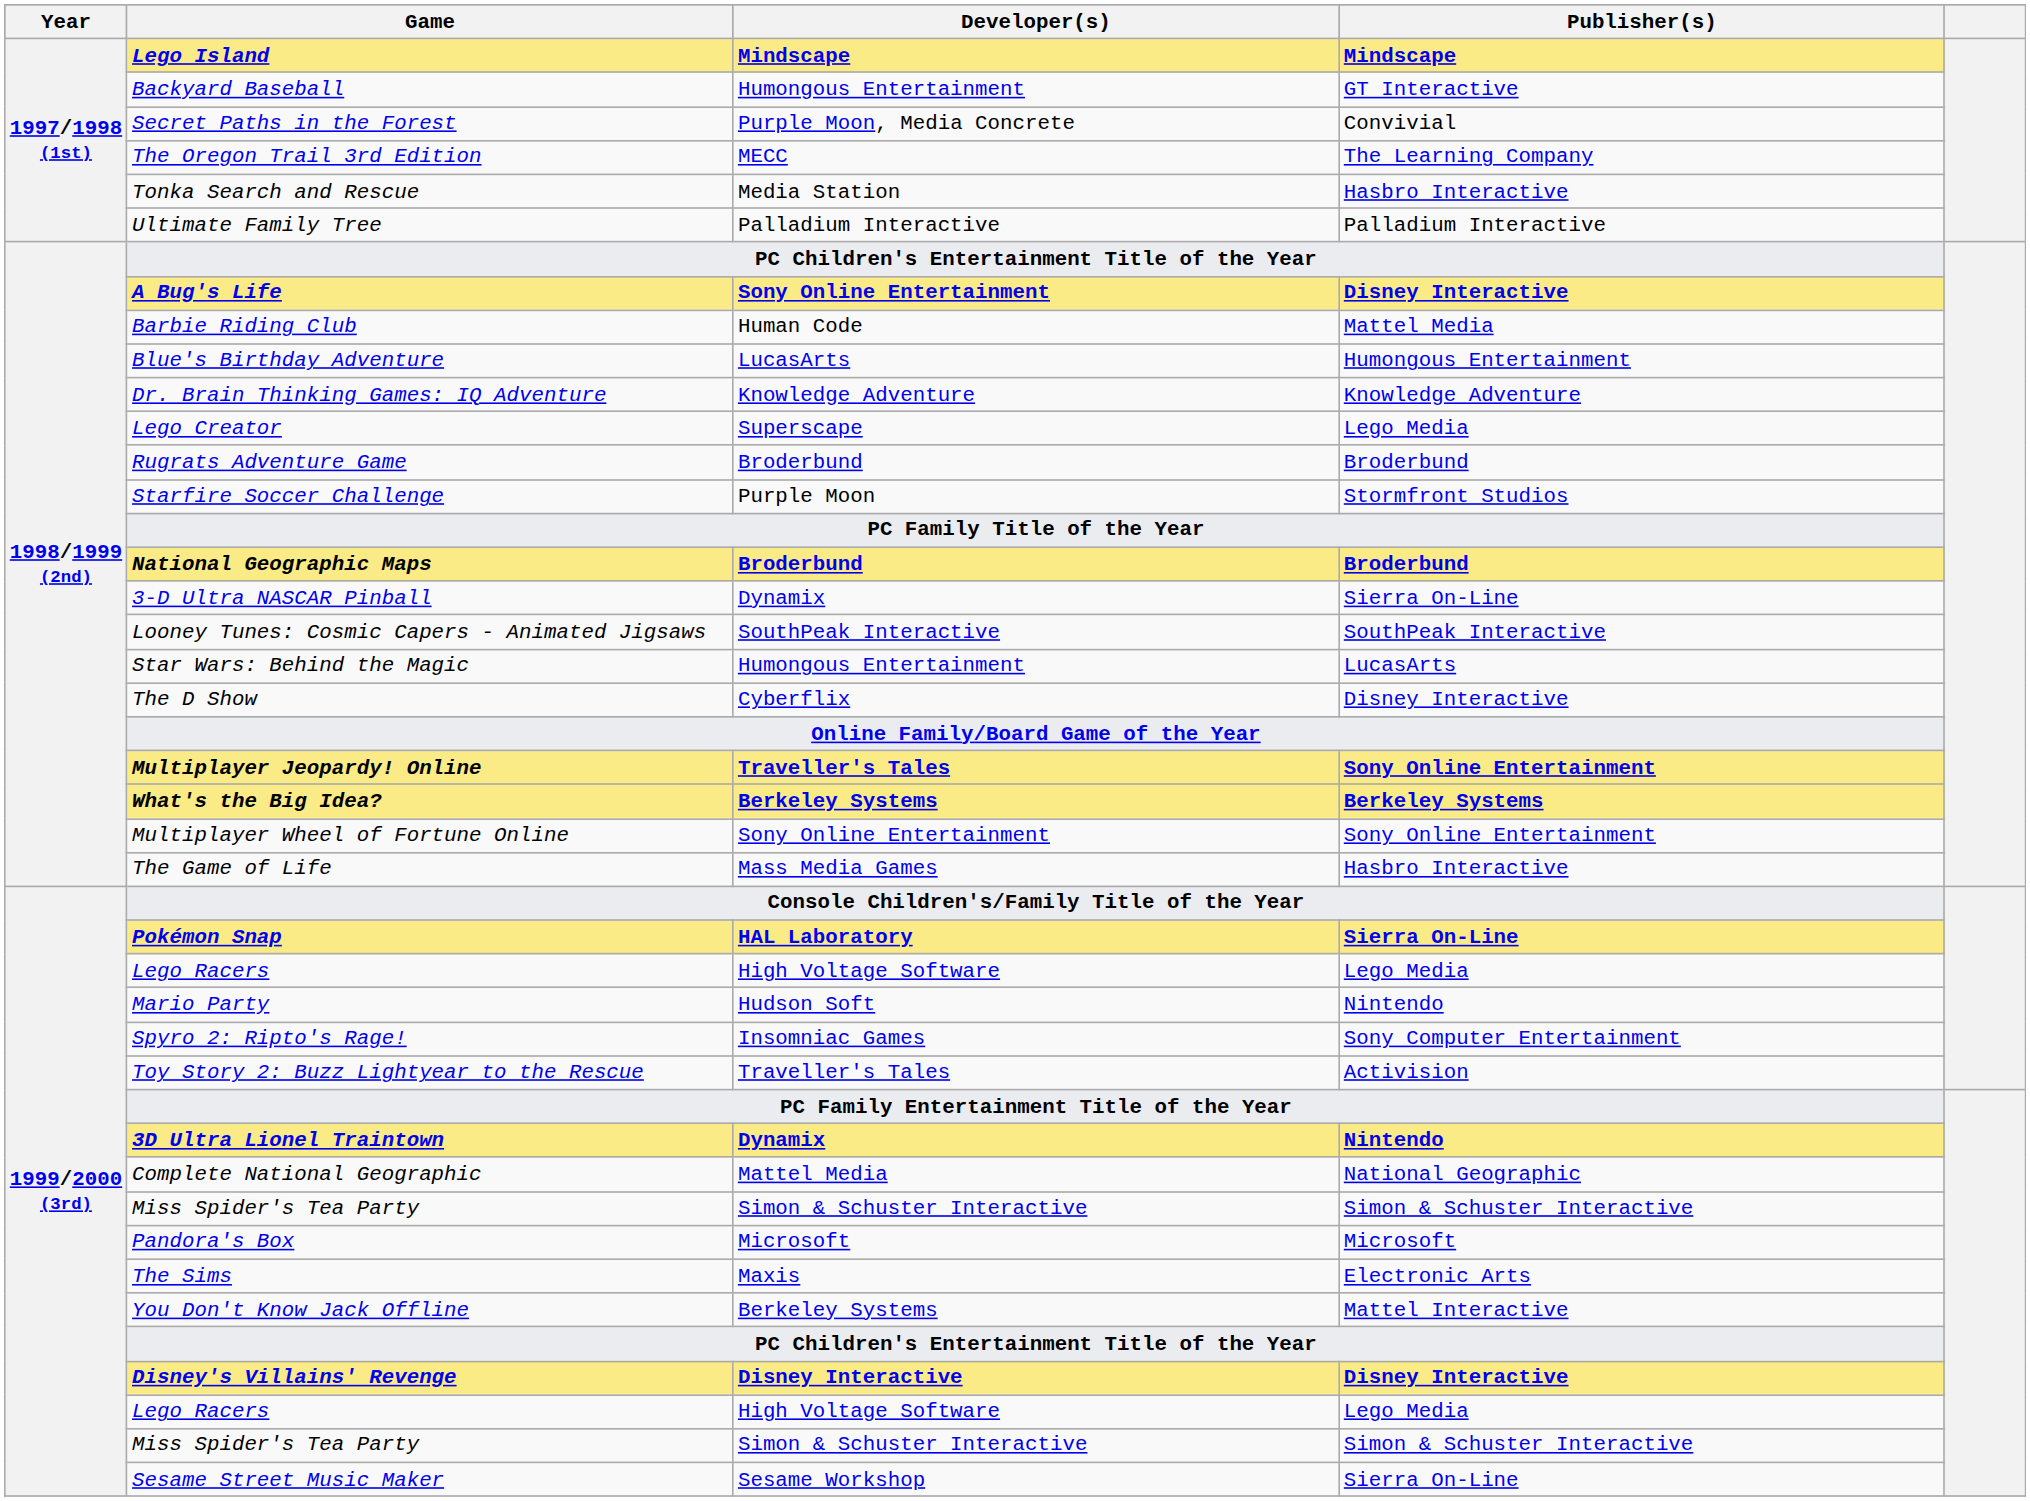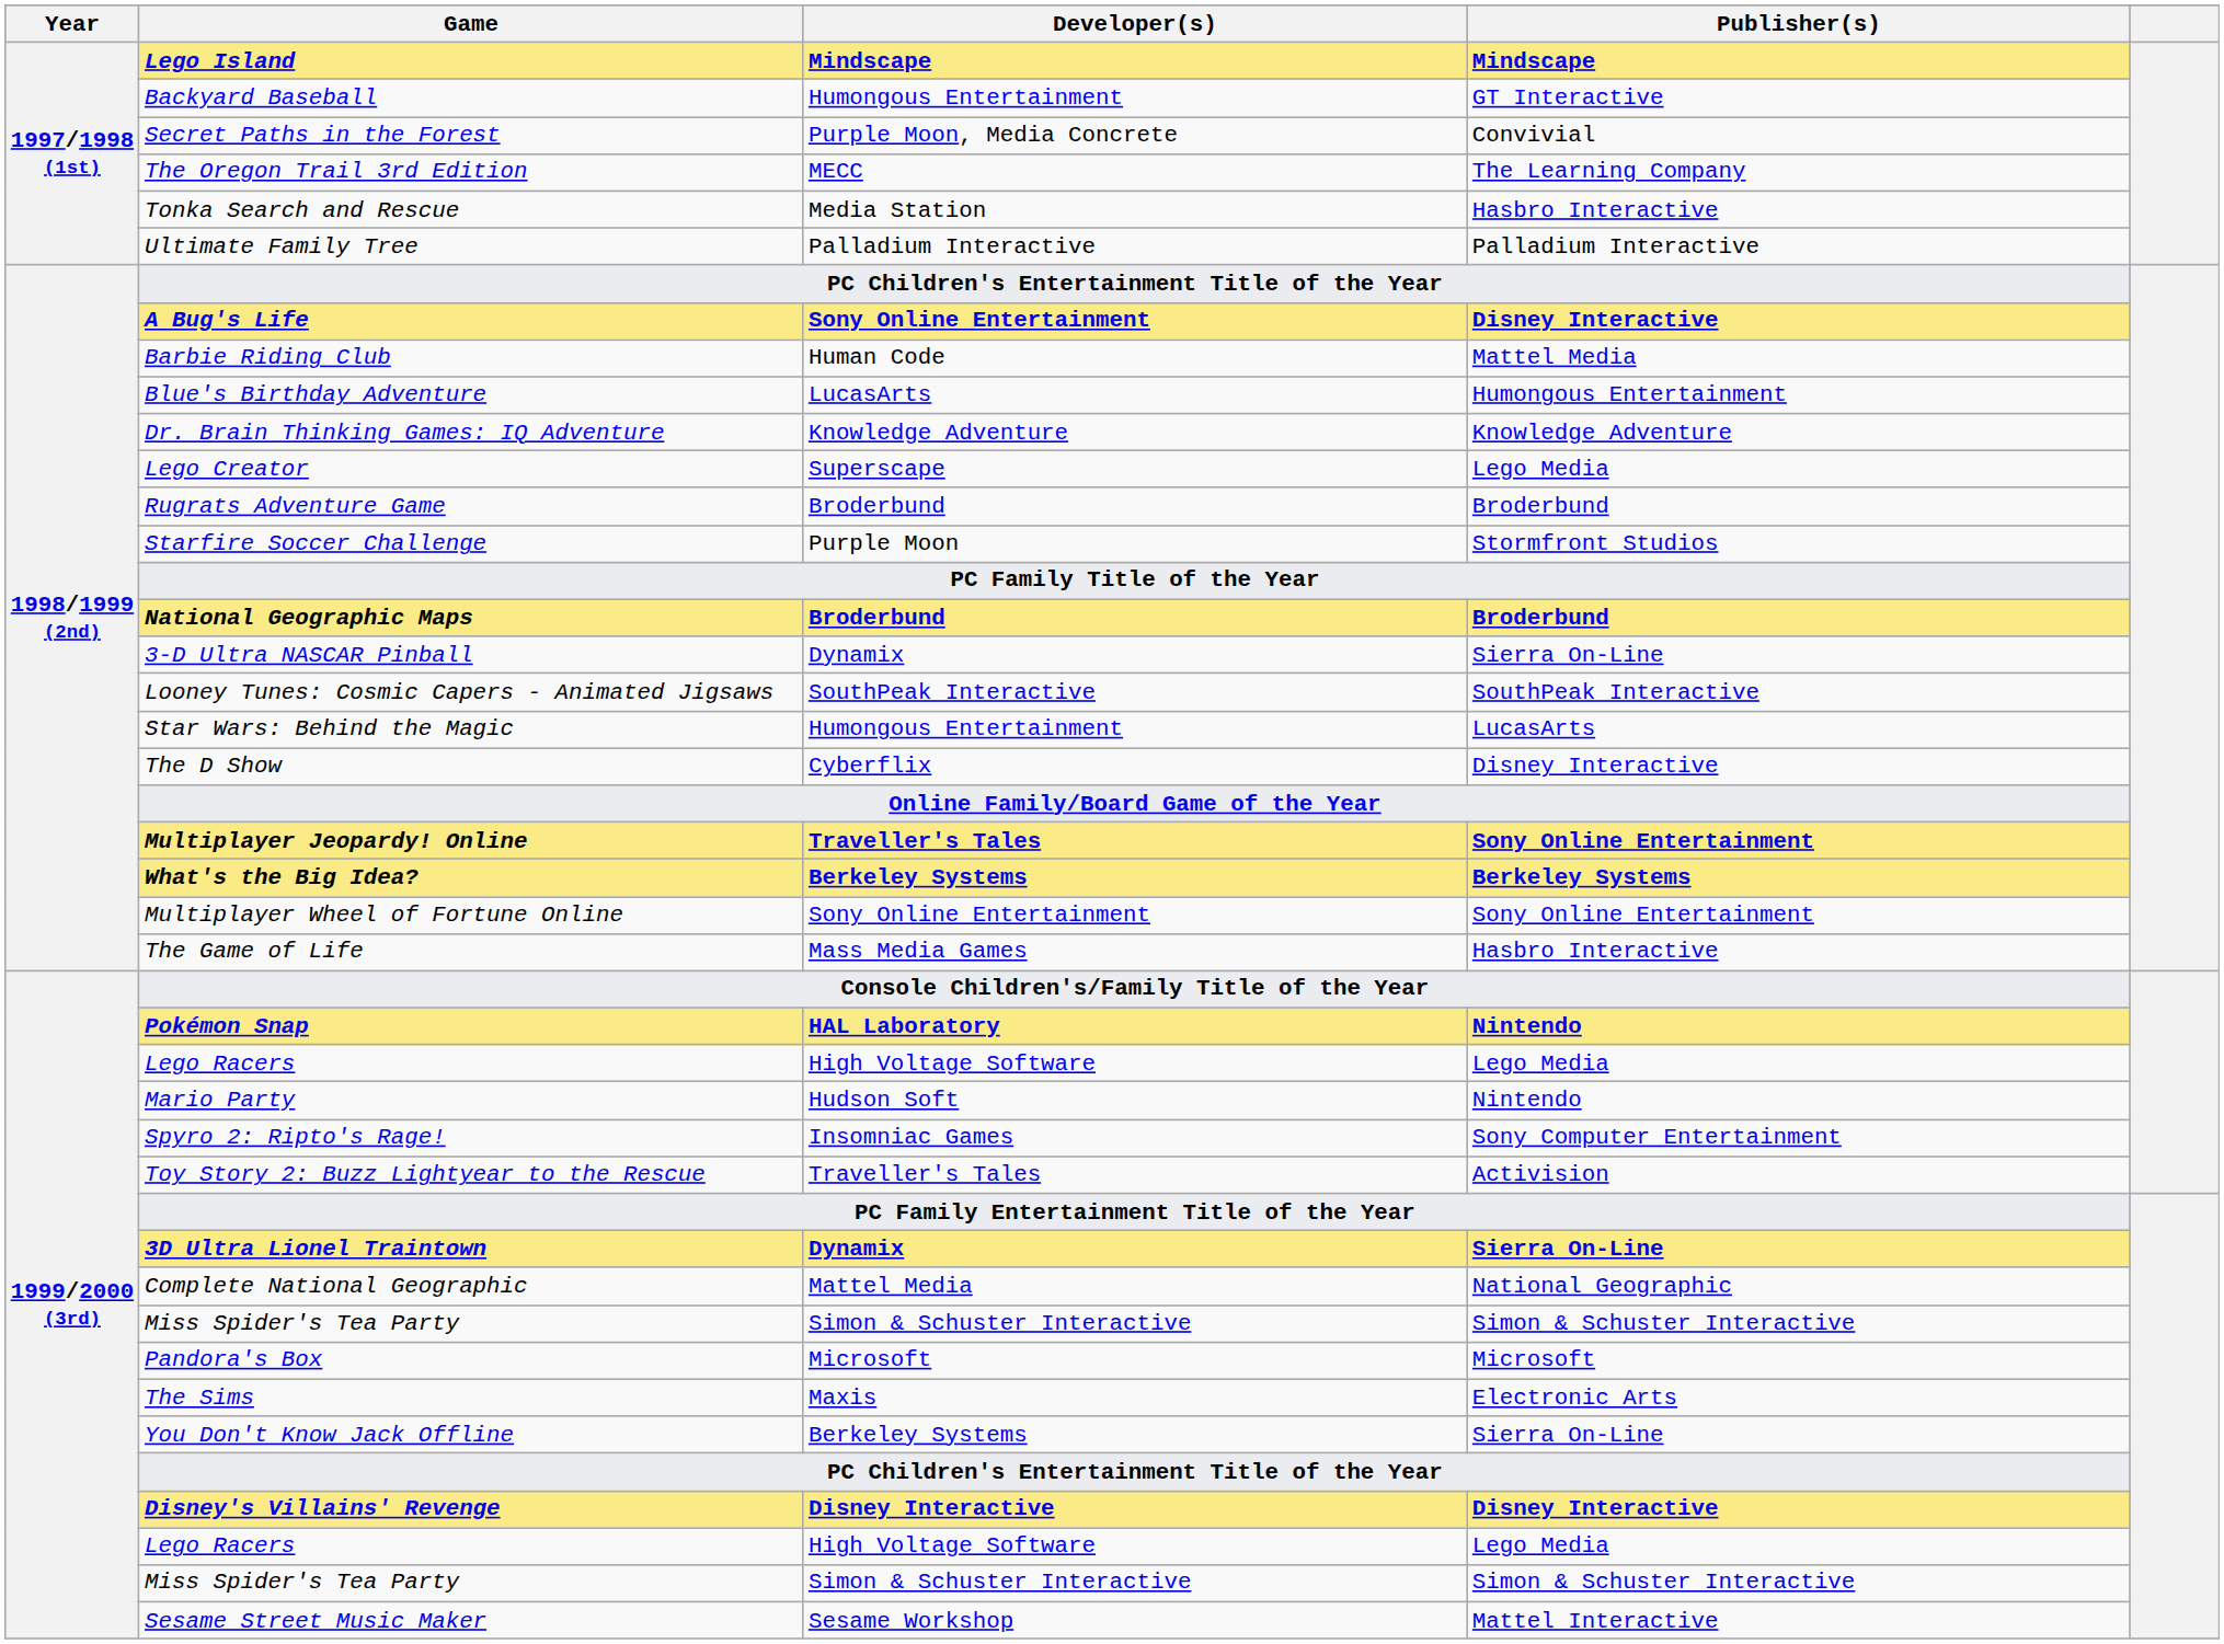 <table class="wikitable sortable" rowspan=2 style="width:100%">
 <tr style="background:#bebebe;">
 <th scope="col" style="width:6%;">Year</th>
 <th scope="col" style="width:30%;">Game</th>
 <th scope="col" style="width:30%;">Developer(s)</th>
 <th scope="col" style="width:30%;">Publisher(s)</th>
 <th scope="col" style="width:4%;" class="unsortable"></th>
 </tr>
 <tr>
 <th scope="row" rowspan="6" style="text-align:center"><a href='#'>1997</a>/<a href='#'>1998</a> <br><small><a href='#'>(1st)</a> </small></th>
 <td style="background:#FAEB86"><strong><em><a href='#'>Lego Island</a></em></strong></td>
 <td style="background:#FAEB86"><strong><a href='#'>Mindscape</a></strong></td>
 <td style="background:#FAEB86"><strong><a href='#'>Mindscape</a></strong></td>
 <th scope="row" rowspan="6" style="text-align;center;"></th>
 </tr>
 <tr>
 <td><em><a href='#'>Backyard Baseball</a></em></td>
 <td><a href='#'>Humongous Entertainment</a></td>
 <td><a href='#'>GT Interactive</a></td>
 </tr>
 <tr>
 <td><em><a href='#'>Secret Paths in the Forest</a></em></td>
 <td><a href='#'>Purple Moon</a>, Media Concrete</td>
 <td>Convivial</td>
 </tr>
 <tr>
 <td><em><a href='#'>The Oregon Trail 3rd Edition</a></em></td>
 <td><a href='#'>MECC</a></td>
 <td><a href='#'>The Learning Company</a></td>
 </tr>
 <tr>
 <td><em>Tonka Search and Rescue</em></td>
 <td>Media Station</td>
 <td><a href='#'>Hasbro Interactive</a></td>
 </tr>
 <tr>
 <td><em>Ultimate Family Tree</em></td>
 <td>Palladium Interactive</td>
 <td>Palladium Interactive</td>
 </tr>
 <tr>
 <th scope="row" rowspan="19" style="text-align:center"><a href='#'>1998</a>/<a href='#'>1999</a> <br><small><a href='#'>(2nd)</a> </small></th>
 <td colspan=3 style="text-align:center; background:#EBECF0"><strong>PC Children's Entertainment Title of the Year</strong></td>
 <th scope="row" rowspan="19" style="text-align;center;"></th>
 </tr>
 <tr>
 <td style="background:#FAEB86"><strong><em><a href='#'>A Bug's Life</a></em></strong></td>
 <td style="background:#FAEB86"><strong><a href='#'>Sony Online Entertainment</a></strong></td>
 <td style="background:#FAEB86"><strong><a href='#'>Disney Interactive</a></strong></td>
 </tr>
 <tr>
 <td><em><a href='#'>Barbie Riding Club</a></em></td>
 <td>Human Code</td>
 <td><a href='#'>Mattel Media</a></td>
 </tr>
 <tr>
 <td><em><a href='#'>Blue's Birthday Adventure</a></em></td>
 <td><a href='#'>LucasArts</a></td>
 <td><a href='#'>Humongous Entertainment</a></td>
 </tr>
 <tr>
 <td><em><a href='#'>Dr. Brain Thinking Games: IQ Adventure</a></em></td>
 <td><a href='#'>Knowledge Adventure</a></td>
 <td><a href='#'>Knowledge Adventure</a></td>
 </tr>
 <tr>
 <td><em><a href='#'>Lego Creator</a></em></td>
 <td><a href='#'>Superscape</a></td>
 <td><a href='#'>Lego Media</a></td>
 </tr>
 <tr>
 <td><em><a href='#'>Rugrats Adventure Game</a></em></td>
 <td><a href='#'>Broderbund</a></td>
 <td><a href='#'>Broderbund</a></td>
 </tr>
 <tr>
 <td><em><a href='#'>Starfire Soccer Challenge</a></em></td>
 <td>Purple Moon</td>
 <td><a href='#'>Stormfront Studios</a></td>
 </tr>
 <tr>
 <td colspan=3 style="text-align:center; background:#EBECF0"><strong>PC Family Title of the Year</strong></td>
 </tr>
 <tr>
 <td style="background:#FAEB86"><strong><em>National Geographic Maps</em></strong></td>
 <td style="background:#FAEB86"><strong><a href='#'>Broderbund</a></strong></td>
 <td style="background:#FAEB86"><strong><a href='#'>Broderbund</a></strong></td>
 </tr>
 <tr>
 <td><em><a href='#'>3-D Ultra NASCAR Pinball</a></em></td>
 <td><a href='#'>Dynamix</a></td>
 <td><a href='#'>Sierra On-Line</a></td>
 </tr>
 <tr>
 <td><em>Looney Tunes: Cosmic Capers - Animated Jigsaws</em></td>
 <td><a href='#'>SouthPeak Interactive</a></td>
 <td><a href='#'>SouthPeak Interactive</a></td>
 </tr>
 <tr>
 <td><em>Star Wars: Behind the Magic</em></td>
 <td><a href='#'>Humongous Entertainment</a></td>
 <td><a href='#'>LucasArts</a></td>
 </tr>
 <tr>
 <td><em>The D Show</em></td>
 <td><a href='#'>Cyberflix</a></td>
 <td><a href='#'>Disney Interactive</a></td>
 </tr>
 <tr>
 <td colspan=3 style="text-align:center; background:#EBECF0"><strong><a href='#'>Online Family/Board Game of the Year</a></strong></td>
 </tr>
 <tr>
 <td style="background:#FAEB86"><strong><em>Multiplayer Jeopardy! Online</em></strong></td>
 <td style="background:#FAEB86"><strong><a href='#'>Traveller's Tales</a></strong></td>
 <td style="background:#FAEB86"><strong><a href='#'>Sony Online Entertainment</a></strong></td>
 </tr>
 <tr>
 <td style="background:#FAEB86"><strong><em>What's the Big Idea?</em></strong></td>
 <td style="background:#FAEB86"><strong><a href='#'>Berkeley Systems</a></strong></td>
 <td style="background:#FAEB86"><strong><a href='#'>Berkeley Systems</a></strong></td>
 </tr>
 <tr>
 <td><em>Multiplayer Wheel of Fortune Online</em></td>
 <td><a href='#'>Sony Online Entertainment</a></td>
 <td><a href='#'>Sony Online Entertainment</a></td>
 </tr>
 <tr>
 <td><em>The Game of Life</em></td>
 <td><a href='#'>Mass Media Games</a></td>
 <td><a href='#'>Hasbro Interactive</a></td>
 </tr>
 <tr>
 <th scope="row" rowspan="18" style="text-align:center"><a href='#'>1999</a>/<a href='#'>2000</a> <br><small><a href='#'>(3rd)</a> </small></th>
 <td colspan=3 style="text-align:center; background:#EBECF0"><strong>Console Children's/Family Title of the Year</strong></td>
 <th scope="row" rowspan="6" style="text-align;center;"></th>
 </tr>
 <tr>
 <td style="background:#FAEB86"><strong><em><a href='#'>Pokémon Snap</a></em></strong></td>
 <td style="background:#FAEB86"><strong><a href='#'>HAL Laboratory</a></strong></td>
-<td style="background:#FAEB86"><strong><a href='#'>Sierra On-Line</a></strong></td>
+<td style="background:#FAEB86"><strong><a href='#'>Nintendo</a></strong></td>
 </tr>
 <tr>
 <td><em><a href='#'>Lego Racers</a></em></td>
 <td><a href='#'>High Voltage Software</a></td>
 <td><a href='#'>Lego Media</a></td>
 </tr>
 <tr>
 <td><em><a href='#'>Mario Party</a></em></td>
 <td><a href='#'>Hudson Soft</a></td>
 <td><a href='#'>Nintendo</a></td>
 </tr>
 <tr>
 <td><em><a href='#'>Spyro 2: Ripto's Rage!</a></em></td>
 <td><a href='#'>Insomniac Games</a></td>
 <td><a href='#'>Sony Computer Entertainment</a></td>
 </tr>
 <tr>
 <td><em><a href='#'>Toy Story 2: Buzz Lightyear to the Rescue</a></em></td>
 <td><a href='#'>Traveller's Tales</a></td>
 <td><a href='#'>Activision</a></td>
 </tr>
 <tr>
 <td colspan=3 style="text-align:center; background:#EBECF0"><strong>PC Family Entertainment Title of the Year</strong></td>
 <th scope="row" rowspan="12" style="text-align;center;"></th>
 </tr>
 <tr>
 <td style="background:#FAEB86"><strong><em><a href='#'>3D Ultra Lionel Traintown</a></em></strong></td>
 <td style="background:#FAEB86"><strong><a href='#'>Dynamix</a></strong></td>
-<td style="background:#FAEB86"><strong><a href='#'>Nintendo</a></strong></td>
+<td style="background:#FAEB86"><strong><a href='#'>Sierra On-Line</a></strong></td>
 </tr>
 <tr>
 <td><em>Complete National Geographic</em></td>
 <td><a href='#'>Mattel Media</a></td>
 <td><a href='#'>National Geographic</a></td>
 </tr>
 <tr>
 <td><em>Miss Spider's Tea Party</em></td>
 <td><a href='#'>Simon & Schuster Interactive</a></td>
 <td><a href='#'>Simon & Schuster Interactive</a></td>
 </tr>
 <tr>
 <td><em><a href='#'>Pandora's Box</a></em></td>
 <td><a href='#'>Microsoft</a></td>
 <td><a href='#'>Microsoft</a></td>
 </tr>
 <tr>
 <td><em><a href='#'>The Sims</a></em></td>
 <td><a href='#'>Maxis</a></td>
 <td><a href='#'>Electronic Arts</a></td>
 </tr>
 <tr>
 <td><em><a href='#'>You Don't Know Jack Offline</a></em></td>
 <td><a href='#'>Berkeley Systems</a></td>
-<td><a href='#'>Mattel Interactive</a></td>
+<td><a href='#'>Sierra On-Line</a></td>
 </tr>
 <tr>
 <td colspan=3 style="text-align:center; background:#EBECF0"><strong>PC Children's Entertainment Title of the Year</strong></td>
 </tr>
 <tr>
 <td style="background:#FAEB86"><strong><em><a href='#'>Disney's Villains' Revenge</a></em></strong></td>
 <td style="background:#FAEB86"><strong><a href='#'>Disney Interactive</a></strong></td>
 <td style="background:#FAEB86"><strong><a href='#'>Disney Interactive</a></strong></td>
 </tr>
 <tr>
 <td><em><a href='#'>Lego Racers</a></em></td>
 <td><a href='#'>High Voltage Software</a></td>
 <td><a href='#'>Lego Media</a></td>
 </tr>
 <tr>
 <td><em>Miss Spider's Tea Party</em></td>
 <td><a href='#'>Simon & Schuster Interactive</a></td>
 <td><a href='#'>Simon & Schuster Interactive</a></td>
 </tr>
 <tr>
 <td><em><a href='#'>Sesame Street Music Maker</a></em></td>
 <td><a href='#'>Sesame Workshop</a></td>
-<td><a href='#'>Sierra On-Line</a></td>
+<td><a href='#'>Mattel Interactive</a></td>
 </tr>
 </table>
